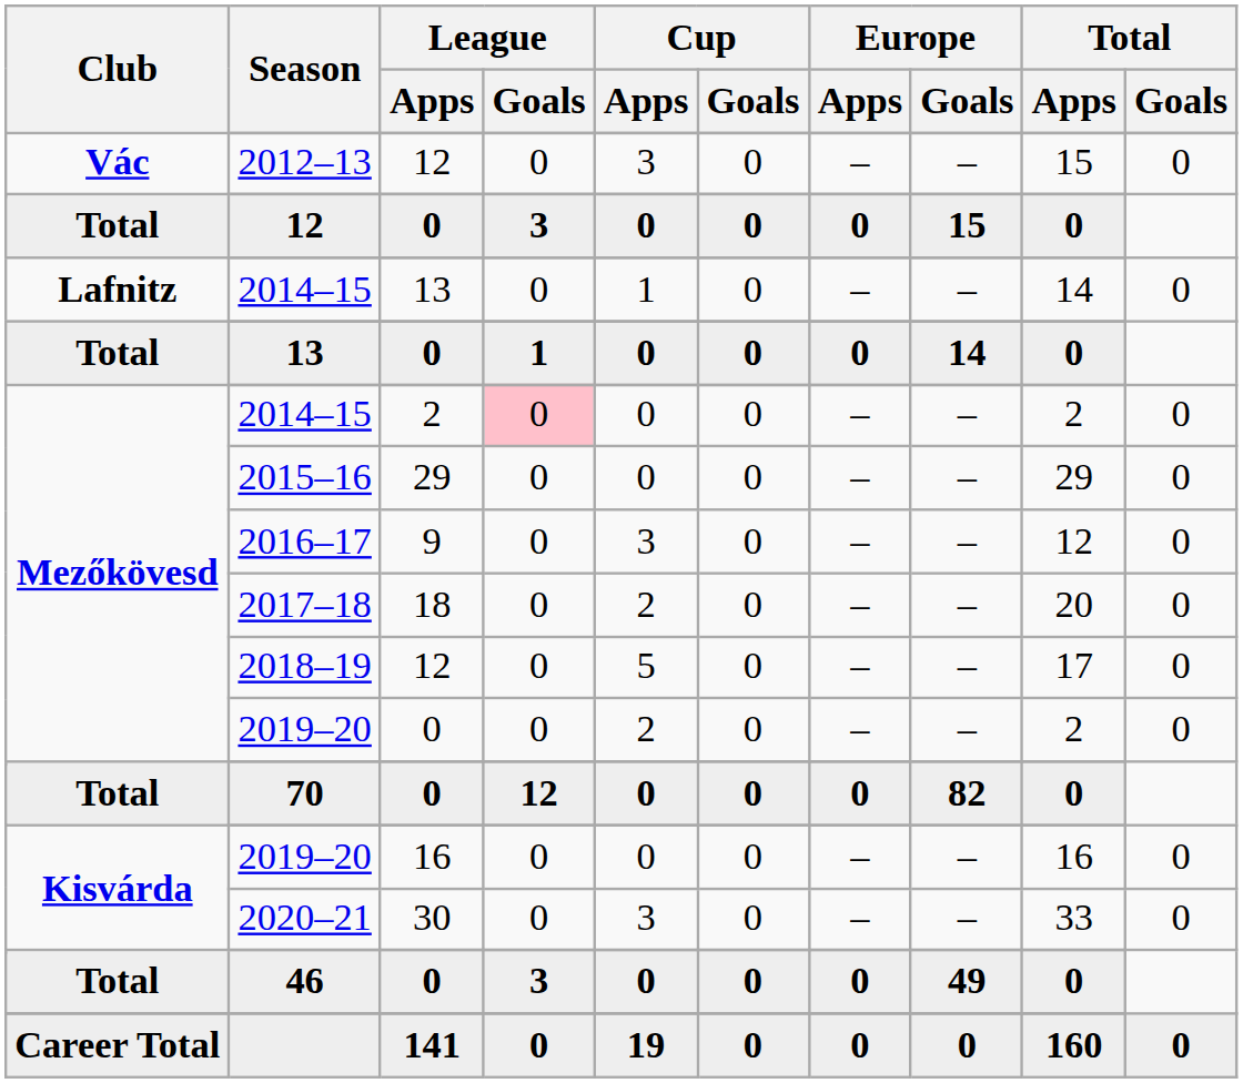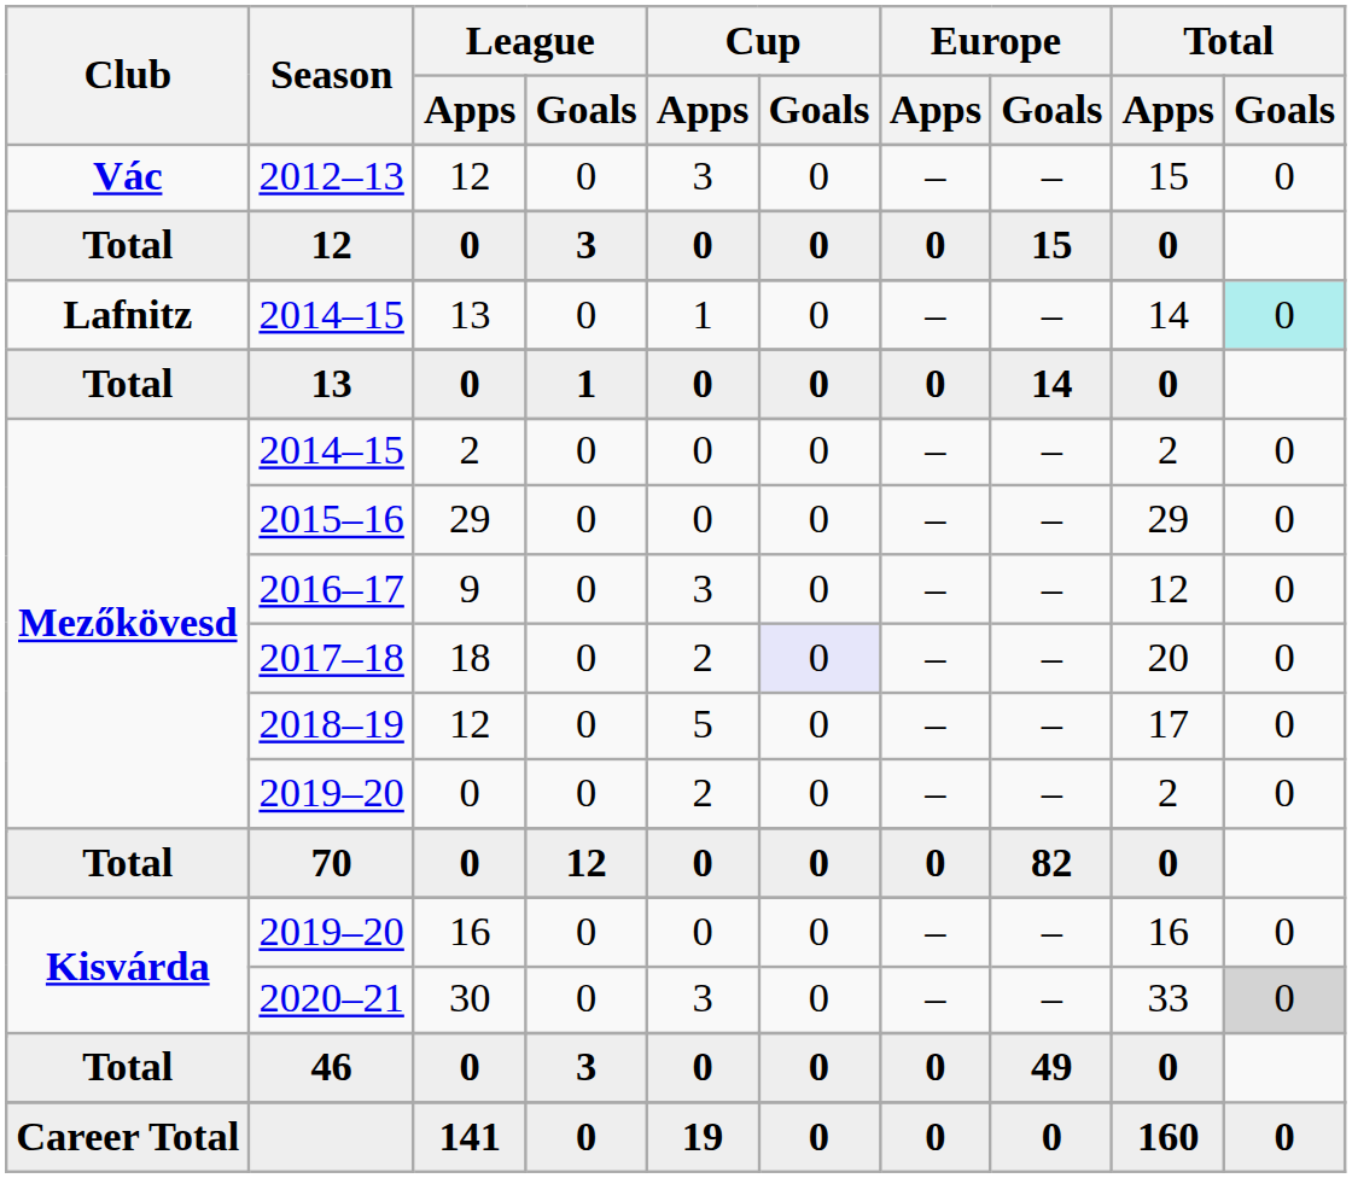 <table class="wikitable" style="font-size:90%; text-align: center;">
 <tr>
 <th rowspan="2">Club</th>
 <th rowspan="2">Season</th>
 <th colspan="2">League</th>
 <th colspan="2">Cup</th>
 <th colspan="2">Europe</th>
 <th colspan="2">Total</th>
 </tr>
 <tr>
 <th>Apps</th>
 <th>Goals</th>
 <th>Apps</th>
 <th>Goals</th>
 <th>Apps</th>
 <th>Goals</th>
 <th>Apps</th>
 <th>Goals</th>
 </tr>
 <tr ||-||-||-|->
 <td rowspan="3" valign="center"><strong><a href='#'>Vác</a></strong></td>
 </tr>
 <tr>
 <td><a href='#'>2012–13</a></td>
 <td>12</td>
 <td>0</td>
 <td>3</td>
 <td>0</td>
 <td>–</td>
 <td>–</td>
 <td>15</td>
 <td>0</td>
 </tr>
 <tr>
 </tr>
 <tr style="font-weight:bold; background-color:#eeeeee;">
 <td>Total</td>
 <td>12</td>
 <td>0</td>
 <td>3</td>
 <td>0</td>
 <td>0</td>
 <td>0</td>
 <td>15</td>
 <td>0</td>
 </tr>
 <tr>
 <td rowspan="3" valign="center"><strong>Lafnitz</strong></td>
 </tr>
 <tr>
 <td><a href='#'>2014–15</a></td>
 <td>13</td>
 <td>0</td>
 <td>1</td>
 <td>0</td>
 <td>–</td>
 <td>–</td>
 <td>14</td>
-<td>0</td>
+<td style="background: paleturquoise;">0</td>
 </tr>
 <tr>
 </tr>
 <tr style="font-weight:bold; background-color:#eeeeee;">
 <td>Total</td>
 <td>13</td>
 <td>0</td>
 <td>1</td>
 <td>0</td>
 <td>0</td>
 <td>0</td>
 <td>14</td>
 <td>0</td>
 </tr>
 <tr>
 <td rowspan="8" valign="center"><strong><a href='#'>Mezőkövesd</a></strong></td>
 </tr>
 <tr>
 <td><a href='#'>2014–15</a></td>
 <td>2</td>
-<td style="background: pink;">0</td>
+<td>0</td>
 <td>0</td>
 <td>0</td>
 <td>–</td>
 <td>–</td>
 <td>2</td>
 <td>0</td>
 </tr>
 <tr>
 <td><a href='#'>2015–16</a></td>
 <td>29</td>
 <td>0</td>
 <td>0</td>
 <td>0</td>
 <td>–</td>
 <td>–</td>
 <td>29</td>
 <td>0</td>
 </tr>
 <tr>
 <td><a href='#'>2016–17</a></td>
 <td>9</td>
 <td>0</td>
 <td>3</td>
 <td>0</td>
 <td>–</td>
 <td>–</td>
 <td>12</td>
 <td>0</td>
 </tr>
 <tr>
 <td><a href='#'>2017–18</a></td>
 <td>18</td>
 <td>0</td>
 <td>2</td>
-<td>0</td>
+<td style="background: lavender;">0</td>
 <td>–</td>
 <td>–</td>
 <td>20</td>
 <td>0</td>
 </tr>
 <tr>
 <td><a href='#'>2018–19</a></td>
 <td>12</td>
 <td>0</td>
 <td>5</td>
 <td>0</td>
 <td>–</td>
 <td>–</td>
 <td>17</td>
 <td>0</td>
 </tr>
 <tr>
 <td><a href='#'>2019–20</a></td>
 <td>0</td>
 <td>0</td>
 <td>2</td>
 <td>0</td>
 <td>–</td>
 <td>–</td>
 <td>2</td>
 <td>0</td>
 </tr>
 <tr>
 </tr>
 <tr style="font-weight:bold; background-color:#eeeeee;">
 <td>Total</td>
 <td>70</td>
 <td>0</td>
 <td>12</td>
 <td>0</td>
 <td>0</td>
 <td>0</td>
 <td>82</td>
 <td>0</td>
 </tr>
 <tr>
 <td rowspan="4" valign="center"><strong><a href='#'>Kisvárda</a></strong></td>
 </tr>
 <tr>
 <td><a href='#'>2019–20</a></td>
 <td>16</td>
 <td>0</td>
 <td>0</td>
 <td>0</td>
 <td>–</td>
 <td>–</td>
 <td>16</td>
 <td>0</td>
 </tr>
 <tr>
 <td><a href='#'>2020–21</a></td>
 <td>30</td>
 <td>0</td>
 <td>3</td>
 <td>0</td>
 <td>–</td>
 <td>–</td>
 <td>33</td>
-<td>0</td>
+<td style="background: lightgrey;">0</td>
 </tr>
 <tr>
 </tr>
 <tr style="font-weight:bold; background-color:#eeeeee;">
 <td>Total</td>
 <td>46</td>
 <td>0</td>
 <td>3</td>
 <td>0</td>
 <td>0</td>
 <td>0</td>
 <td>49</td>
 <td>0</td>
 </tr>
 <tr>
 </tr>
 <tr style="font-weight:bold; background-color:#eeeeee;">
 <td rowspan="2" valign="top"><strong>Career Total</strong></td>
 <td></td>
 <td><strong>141</strong></td>
 <td><strong>0</strong></td>
 <td><strong>19</strong></td>
 <td><strong>0</strong></td>
 <td><strong>0</strong></td>
 <td><strong>0</strong></td>
 <td><strong>160</strong></td>
 <td><strong>0</strong></td>
 </tr>
 </table>
